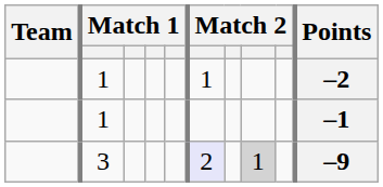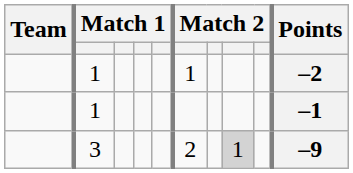 <table class="wikitable sortable" style="text-align:center;">
 <tr>
 <th rowspan=2>Team</th>
 <th colspan=4 style="border-left:3px solid gray">Match 1</th>
 <th colspan=4 style="border-left:3px solid gray">Match 2</th>
 <th rowspan=2 style="border-left:3px solid gray">Points</th>
 </tr>
 <tr>
 <th style="border-left:3px solid gray"></th>
 <th></th>
 <th></th>
 <th></th>
 <th style="border-left:3px solid gray"></th>
 <th></th>
 <th></th>
 <th></th>
 </tr>
 <tr>
 <td align=left></td>
 <td style="border-left:3px solid gray">1</td>
 <td></td>
 <td></td>
 <td></td>
 <td style="border-left:3px solid gray">1</td>
 <td></td>
 <td></td>
 <td></td>
 <th style="border-left:3px solid gray">–2</th>
 </tr>
 <tr>
 <td align=left></td>
 <td style="border-left:3px solid gray">1</td>
 <td></td>
 <td></td>
 <td></td>
 <td style="border-left:3px solid gray"></td>
 <td></td>
 <td></td>
 <td></td>
 <th style="border-left:3px solid gray">–1</th>
 </tr>
 <tr>
 <td align=left></td>
 <td style="border-left:3px solid gray">3</td>
 <td></td>
 <td></td>
 <td></td>
-<td style="background: lavender; border-left:3px solid gray">2</td>
+<td style="border-left:3px solid gray">2</td>
 <td></td>
 <td style="background: lightgrey;">1</td>
 <td></td>
 <th style="border-left:3px solid gray">–9</th>
 </tr>
 </table>
